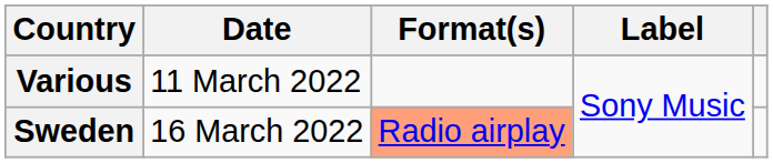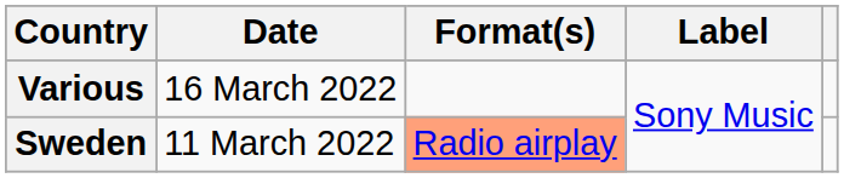 <table class="wikitable plainrowheaders">
 <tr>
 <th scope="col">Country</th>
 <th scope="col">Date</th>
 <th scope="col">Format(s)</th>
 <th scope="col">Label</th>
 <th scope="col"></th>
 </tr>
 <tr>
 <th scope="row">Various</th>
-<td>11 March 2022</td>
+<td>16 March 2022</td>
 <td></td>
 <td rowspan="2"><a href='#'>Sony Music</a></td>
 <td style="text-align:center;"></td>
 </tr>
 <tr>
 <th scope="row">Sweden</th>
-<td>16 March 2022</td>
+<td>11 March 2022</td>
 <td style="background: lightsalmon;"><a href='#'>Radio airplay</a></td>
 <td style="text-align:center;"></td>
 </tr>
 </table>
